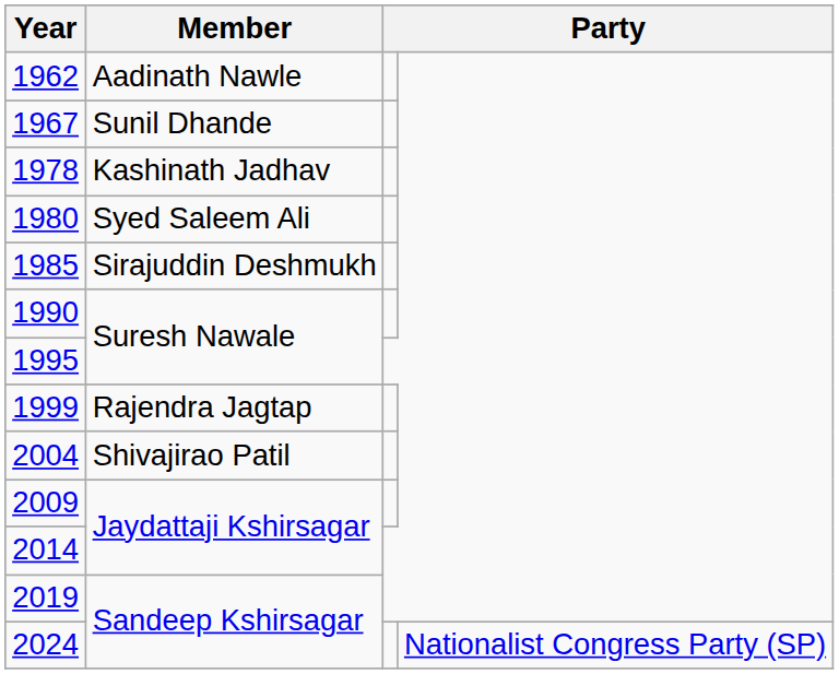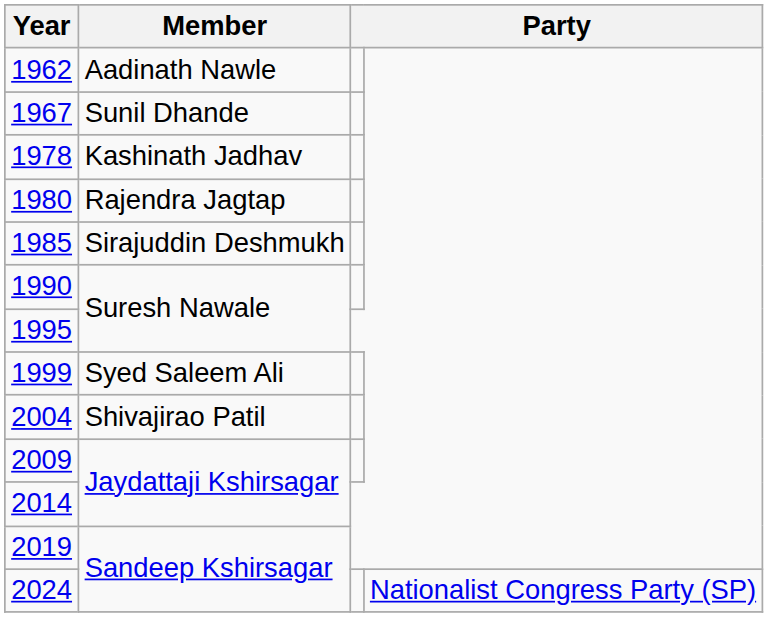 <table class="wikitable">
 <tr>
 <th>Year</th>
 <th>Member</th>
 <th colspan=2>Party</th>
 </tr>
 <tr>
 <td><a href='#'>1962</a></td>
 <td>Aadinath Nawle</td>
 <td></td>
 </tr>
 <tr>
 <td><a href='#'>1967</a></td>
 <td>Sunil Dhande</td>
 <td></td>
 </tr>
 <tr>
 <td><a href='#'>1978</a></td>
 <td>Kashinath Jadhav</td>
 <td></td>
 </tr>
 <tr>
 <td><a href='#'>1980</a></td>
-<td>Syed Saleem Ali</td>
+<td>Rajendra Jagtap</td>
 <td></td>
 </tr>
 <tr>
 <td><a href='#'>1985</a></td>
 <td>Sirajuddin Deshmukh</td>
 <td></td>
 </tr>
 <tr>
 <td><a href='#'>1990</a></td>
 <td rowspan="2">Suresh Nawale</td>
 <td></td>
 </tr>
 <tr>
 <td><a href='#'>1995</a></td>
 </tr>
 <tr>
 <td><a href='#'>1999</a></td>
-<td>Rajendra Jagtap</td>
+<td>Syed Saleem Ali</td>
 <td></td>
 </tr>
 <tr>
 <td><a href='#'>2004</a></td>
 <td>Shivajirao Patil</td>
 <td></td>
 </tr>
 <tr>
 <td><a href='#'>2009</a></td>
 <td rowspan="2"><a href='#'>Jaydattaji Kshirsagar</a></td>
 <td></td>
 </tr>
 <tr>
 <td><a href='#'>2014</a></td>
 </tr>
 <tr>
 <td><a href='#'>2019</a></td>
 <td Rowspan=2><a href='#'>Sandeep Kshirsagar</a></td>
 </tr>
 <tr>
 <td><a href='#'>2024</a></td>
 <td style="background-color: "></td>
 <td><a href='#'>Nationalist Congress Party (SP)</a></td>
 </tr>
 </table>
